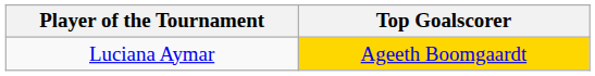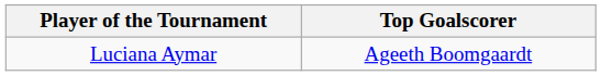 <table class=wikitable style="margin:auto; text-align:center">
 <tr>
 <th style="width: 220px;">Player of the Tournament</th>
 <th style="width: 220px;">Top Goalscorer</th>
 </tr>
 <tr>
 <td> <a href='#'>Luciana Aymar</a></td>
-<td style="background: gold;"> <a href='#'>Ageeth Boomgaardt</a></td>
+<td> <a href='#'>Ageeth Boomgaardt</a></td>
 </tr>
 </table>
